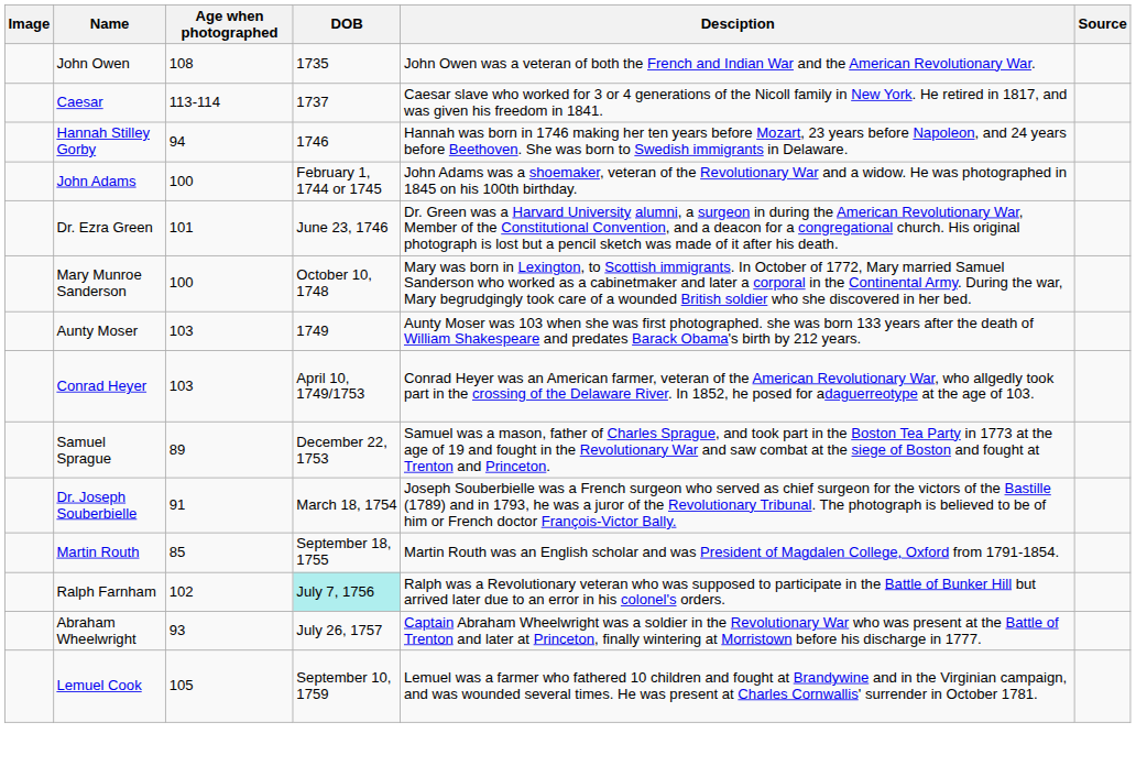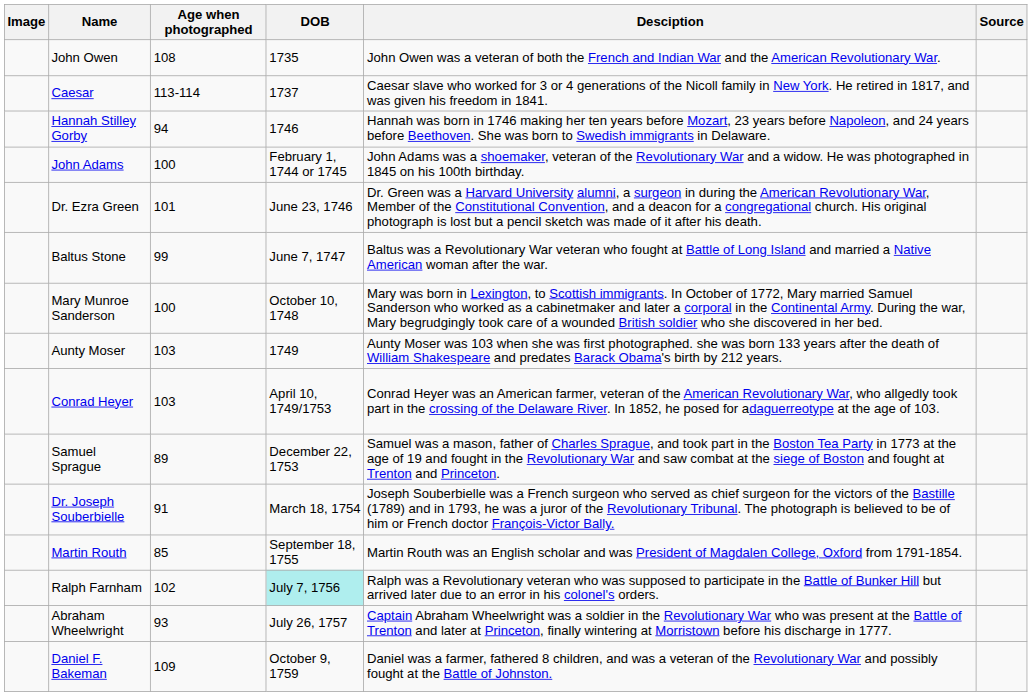 <table class="wikitable sortable">
 <tr>
 <th>Image</th>
 <th>Name</th>
 <th>Age when photographed</th>
 <th>DOB</th>
 <th>Desciption</th>
 <th>Source</th>
 </tr>
 <tr>
 <td></td>
 <td>John Owen</td>
 <td>108</td>
 <td>1735</td>
 <td>John Owen was a veteran of both the <a href='#'>French and Indian War</a>  and the <a href='#'>American Revolutionary War</a>.</td>
 <td><br><br></td>
 </tr>
 <tr>
 <td></td>
 <td><a href='#'>Caesar</a></td>
 <td>113-114</td>
 <td>1737</td>
 <td>Caesar slave who worked for 3 or 4 generations of the Nicoll family in <a href='#'>New York</a>. He retired in 1817, and was given his freedom in 1841.</td>
 <td><br><br></td>
 </tr>
 <tr>
 <td></td>
 <td><a href='#'>Hannah Stilley Gorby</a></td>
 <td>94</td>
 <td>1746</td>
 <td>Hannah was born in 1746 making her ten years before <a href='#'>Mozart</a>, 23 years before <a href='#'>Napoleon</a>, and 24 years before <a href='#'>Beethoven</a>. She was born to <a href='#'>Swedish immigrants</a> in Delaware.</td>
 <td><br><br></td>
 </tr>
 <tr>
 <td></td>
 <td><a href='#'>John Adams</a></td>
 <td>100</td>
 <td>February 1, 1744 or 1745</td>
 <td>John Adams was a <a href='#'>shoemaker</a>, veteran of the <a href='#'>Revolutionary War</a> and a widow. He was photographed in 1845 on his 100th birthday.</td>
 <td><br><br></td>
 </tr>
 <tr>
 <td></td>
 <td>Dr. Ezra Green</td>
 <td>101</td>
 <td>June 23, 1746</td>
 <td>Dr. Green was a <a href='#'>Harvard University</a> <a href='#'>alumni</a>, a <a href='#'>surgeon</a> in during the <a href='#'>American Revolutionary War</a>, Member of the <a href='#'>Constitutional  Convention</a>, and a deacon for a <a href='#'>congregational</a> church. His original photograph is lost but a pencil sketch was made of it after his death.</td>
 <td><br><br></td>
+</tr>
+<tr>
+<td></td>
+<td>Baltus Stone</td>
+<td>99</td>
+<td>June 7, 1747</td>
+<td>Baltus was a Revolutionary War veteran who fought at <a href='#'>Battle of Long Island</a> and  married a <a href='#'>Native American</a> woman after the war.</td>
+<td><br><br><br></td>
 </tr>
 <tr>
 <td></td>
 <td>Mary Munroe Sanderson</td>
 <td>100</td>
 <td>October 10, 1748</td>
 <td>Mary was born in <a href='#'>Lexington</a>, to <a href='#'>Scottish immigrants</a>. In October of 1772, Mary married Samuel Sanderson who worked as a cabinetmaker and later a <a href='#'>corporal</a> in the <a href='#'>Continental Army</a>. During the war, Mary begrudgingly took care of a wounded <a href='#'>British soldier</a> who she discovered in her bed.</td>
 <td><br><br></td>
 </tr>
 <tr>
 <td></td>
 <td>Aunty Moser</td>
 <td>103</td>
 <td>1749</td>
 <td>Aunty Moser was 103 when she was first photographed. she was born 133 years after the death of <a href='#'>William Shakespeare</a> and predates <a href='#'>Barack Obama</a>'s birth by 212 years.</td>
 <td></td>
 </tr>
 <tr>
 <td></td>
 <td><a href='#'>Conrad Heyer</a></td>
 <td>103</td>
 <td>April 10, 1749/1753</td>
 <td>Conrad Heyer was an American farmer, veteran of the <a href='#'>American Revolutionary War</a>, who allgedly took part in the <a href='#'>crossing of the Delaware River</a>. In 1852, he posed for a<a href='#'>daguerreotype</a> at the age of 103.</td>
 <td><br><br><br><br></td>
 </tr>
 <tr>
 <td></td>
 <td>Samuel Sprague</td>
 <td>89</td>
 <td>December 22, 1753</td>
 <td>Samuel was a mason, father of <a href='#'>Charles Sprague</a>, and took part in the <a href='#'>Boston Tea Party</a> in 1773 at the age of 19 and fought in the <a href='#'>Revolutionary War</a> and saw combat at the <a href='#'>siege of Boston</a> and fought at <a href='#'>Trenton</a> and <a href='#'>Princeton</a>.</td>
 <td></td>
 </tr>
 <tr>
 <td></td>
 <td><a href='#'>Dr. Joseph Souberbielle</a></td>
 <td>91</td>
 <td>March 18, 1754</td>
 <td>Joseph Souberbielle was a French surgeon who served as chief surgeon for the victors of the <a href='#'>Bastille</a> (1789) and in 1793, he was a juror of the <a href='#'>Revolutionary Tribunal</a>. The photograph is believed to be of him or French doctor <a href='#'>François-Victor Bally.</a></td>
 <td><br> </td>
 </tr>
 <tr>
 <td></td>
 <td><a href='#'>Martin Routh</a></td>
 <td>85</td>
 <td>September 18, 1755</td>
 <td>Martin Routh was an English scholar and was <a href='#'>President of Magdalen College, Oxford</a> from 1791-1854.</td>
 <td><br><br></td>
 </tr>
 <tr>
 <td></td>
 <td>Ralph Farnham</td>
 <td>102</td>
 <td style="background: paleturquoise;">July 7, 1756</td>
 <td>Ralph was a Revolutionary veteran who was supposed to participate in the <a href='#'>Battle of Bunker Hill</a> but arrived later due to an error in his <a href='#'>colonel's</a> orders.</td>
 <td><br></td>
 </tr>
 <tr>
 <td></td>
 <td>Abraham Wheelwright</td>
 <td>93</td>
 <td>July 26, 1757</td>
 <td><a href='#'>Captain</a> Abraham Wheelwright was a soldier in the <a href='#'>Revolutionary War</a> who was present at the <a href='#'>Battle of Trenton</a> and later at <a href='#'>Princeton</a>, finally wintering at <a href='#'>Morristown</a> before his discharge in 1777.</td>
 <td><br><br></td>
 </tr>
 <tr>
 <td></td>
-<td><a href='#'>Lemuel Cook</a></td>
-<td>105</td>
-<td>September 10, 1759</td>
-<td>Lemuel was a farmer who fathered 10 children and fought at <a href='#'>Brandywine</a> and in the Virginian campaign, and was wounded several times. He was present at <a href='#'>Charles Cornwallis</a>' surrender in October 1781.</td>
-<td><br><br><br><br></td>
+<td><a href='#'>Daniel F. Bakeman</a></td>
+<td>109</td>
+<td>October 9, 1759</td>
+<td>Daniel was a farmer, fathered 8 children, and was a veteran of the <a href='#'>Revolutionary War</a> and possibly fought at the <a href='#'>Battle of Johnston.</a></td>
+<td><br><br><br></td>
 </tr>
 </table>
